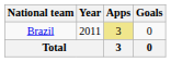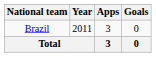 <table class="wikitable" style="text-align:center">
 <tr>
 <th>National team</th>
 <th>Year</th>
 <th>Apps</th>
 <th>Goals</th>
 </tr>
 <tr>
 <td rowspan=1><a href='#'>Brazil</a></td>
 <td>2011</td>
-<td style="background: khaki;">3</td>
+<td>3</td>
 <td>0</td>
 </tr>
 <tr>
 <th colspan=2>Total</th>
 <th>3</th>
 <th>0</th>
 </tr>
 </table>
